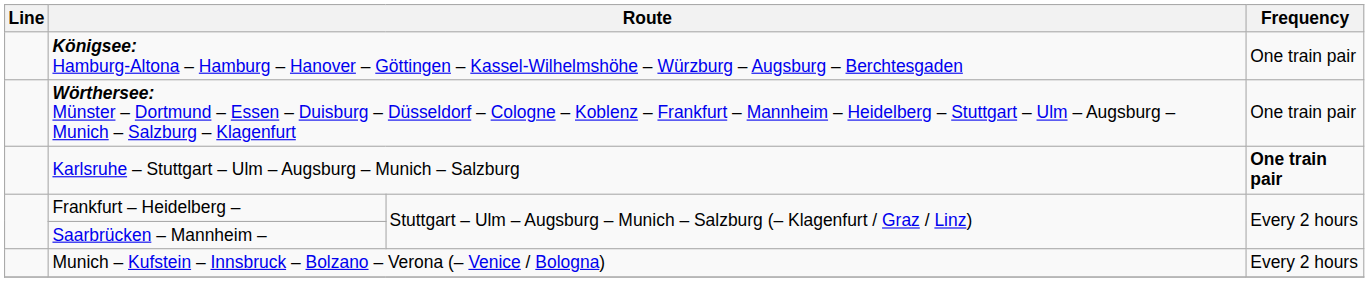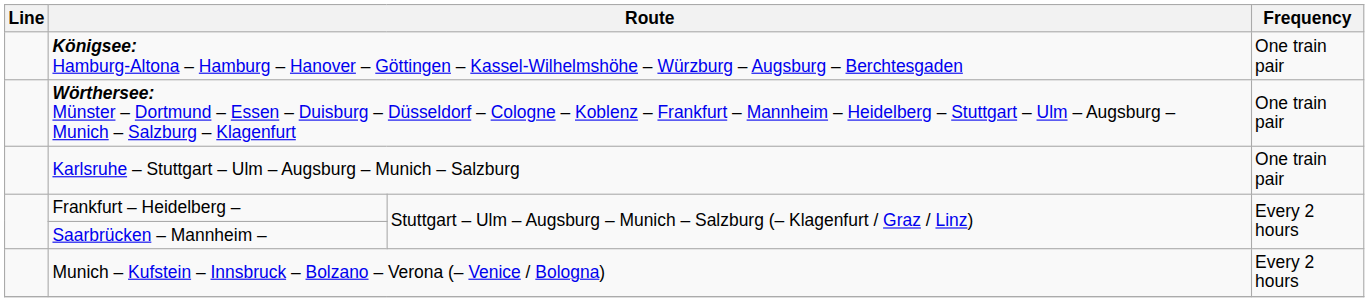 <table class="wikitable">
 <tr>
 <th>Line</th>
 <th colspan="2">Route</th>
 <th>Frequency</th>
 </tr>
 <tr>
 <td></td>
 <td colspan="2"><strong><em>Königsee:</em></strong><br><a href='#'>Hamburg-Altona</a> – <a href='#'>Hamburg</a> – <a href='#'>Hanover</a> – <a href='#'>Göttingen</a> – <a href='#'>Kassel-Wilhelmshöhe</a> – <a href='#'>Würzburg</a> – <a href='#'>Augsburg</a> –  <a href='#'>Berchtesgaden</a></td>
 <td>One train pair</td>
 </tr>
 <tr>
 <td></td>
 <td colspan="2"><strong><em>Wörthersee:</em></strong><br><a href='#'>Münster</a> – <a href='#'>Dortmund</a> – <a href='#'>Essen</a> – <a href='#'>Duisburg</a> – <a href='#'>Düsseldorf</a> – <a href='#'>Cologne</a> – <a href='#'>Koblenz</a> – <a href='#'>Frankfurt</a> – <a href='#'>Mannheim</a> – <a href='#'>Heidelberg</a> – <a href='#'>Stuttgart</a> – <a href='#'>Ulm</a> – Augsburg – <a href='#'>Munich</a> –  <a href='#'>Salzburg</a> – <a href='#'>Klagenfurt</a></td>
 <td>One train pair</td>
 </tr>
 <tr>
 <td></td>
 <td colspan="2"><a href='#'>Karlsruhe</a> – Stuttgart – Ulm – Augsburg – Munich –  Salzburg</td>
-<td><strong>One train pair</strong></td>
+<td>One train pair</td>
 </tr>
 <tr>
 <td rowspan="2"></td>
 <td>Frankfurt – Heidelberg –</td>
 <td rowspan="2">Stuttgart – Ulm – Augsburg – Munich –  Salzburg (– Klagenfurt / <a href='#'>Graz</a> / <a href='#'>Linz</a>)</td>
 <td rowspan="2">Every 2 hours</td>
 </tr>
 <tr>
 <td><a href='#'>Saarbrücken</a> – Mannheim –</td>
 </tr>
 <tr>
 <td></td>
 <td colspan="2">Munich –  <a href='#'>Kufstein</a> – <a href='#'>Innsbruck</a> – <a href='#'>Bolzano</a> – Verona (– <a href='#'>Venice</a> / <a href='#'>Bologna</a>)</td>
 <td>Every 2 hours</td>
 </tr>
 <tr>
 </tr>
 </table>
